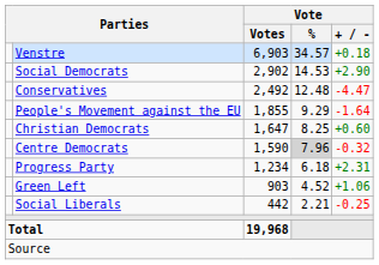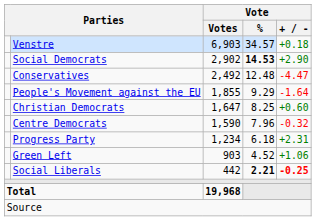 <table class="wikitable" style="text-align:right;">
 <tr>
 <th style="text-align:centre;" rowspan="2" colspan="2" width="225">Parties</th>
 <th colspan="3">Vote</th>
 </tr>
 <tr>
 <th width="15">Votes</th>
 <th width="15">%</th>
 <th width="15">+ / -</th>
 </tr>
 <tr>
 <td width="2" style="color:inherit;background:"></td>
 <td bgcolor=#cfe5fe   align="left"><a href='#'>Venstre</a></td>
 <td bgcolor=#cfe5fe>6,903</td>
 <td bgcolor=#cfe5fe>34.57</td>
 <td style=color:green;>+0.18</td>
 </tr>
 <tr>
 <td width="2" style="color:inherit;background:"></td>
 <td align="left"><a href='#'>Social Democrats</a></td>
 <td>2,902</td>
-<td>14.53</td>
+<td><strong>14.53</strong></td>
 <td style=color:green;>+2.90</td>
 </tr>
 <tr>
 <td width="2" style="color:inherit;background:"></td>
 <td align="left"><a href='#'>Conservatives</a></td>
 <td>2,492</td>
 <td>12.48</td>
 <td style=color:red;>-4.47</td>
 </tr>
 <tr>
 <td width="2" style="color:inherit;background:"></td>
 <td align="left"><a href='#'>People's Movement against the EU</a></td>
 <td>1,855</td>
 <td>9.29</td>
 <td style=color:red;>-1.64</td>
 </tr>
 <tr>
 <td width="2" style="color:inherit;background:"></td>
 <td align="left"><a href='#'>Christian Democrats</a></td>
 <td>1,647</td>
 <td>8.25</td>
 <td style=color:green;>+0.60</td>
 </tr>
 <tr>
 <td width="2" style="color:inherit;background:"></td>
 <td align="left"><a href='#'>Centre Democrats</a></td>
 <td>1,590</td>
-<td style="background: lightgrey;">7.96</td>
+<td>7.96</td>
 <td style=color:red;>-0.32</td>
 </tr>
 <tr>
 <td width="2" style="color:inherit;background:"></td>
 <td align="left"><a href='#'>Progress Party</a></td>
 <td>1,234</td>
 <td>6.18</td>
 <td style=color:green;>+2.31</td>
 </tr>
 <tr>
 <td width="2" style="color:inherit;background:"></td>
 <td align="left"><a href='#'>Green Left</a></td>
 <td>903</td>
 <td>4.52</td>
 <td style=color:green;>+1.06</td>
 </tr>
 <tr>
 <td width="2" style="color:inherit;background:"></td>
 <td align="left"><a href='#'>Social Liberals</a></td>
 <td>442</td>
-<td>2.21</td>
-<td style=color:red;>-0.25</td>
+<td><strong>2.21</strong></td>
+<td style=color:red;><strong>-0.25</strong></td>
 </tr>
 <tr>
 <td colspan="7" bgcolor="#E9E9E9"></td>
 </tr>
 <tr>
 <td align="left" colspan="2"><strong>Total</strong></td>
 <td><strong>19,968</strong></td>
 <td bgcolor="#E9E9E9" colspan="2"></td>
 </tr>
 <tr>
 <td align="left" colspan="6">Source</td>
 </tr>
 </table>
